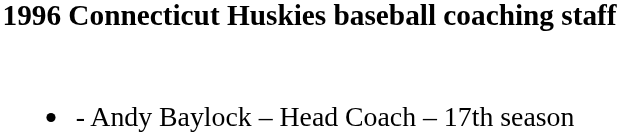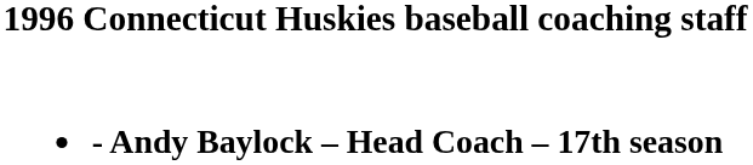 <table class="toccolours">
 <tr>
 <th colspan=9>1996 Connecticut Huskies baseball coaching staff</th>
 </tr>
 <tr>
-<td style="text-align: left; font-size: 95%;" valign="top"><br><ul><li>- Andy Baylock – Head Coach – 17th season</li></ul></td>
+<td style="text-align: left; font-size: 95%;" valign="top"><strong><br><ul><li>- Andy Baylock – Head Coach – 17th season</li></ul></strong></td>
 </tr>
 </table>
